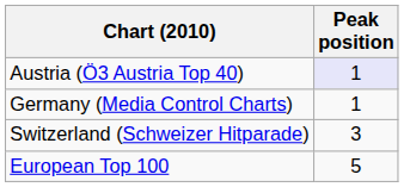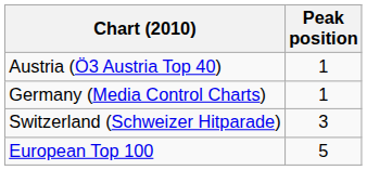 <table class="wikitable">
 <tr>
 <th>Chart (2010)</th>
 <th>Peak<br>position</th>
 </tr>
 <tr>
 <td>Austria (<a href='#'>Ö3 Austria Top 40</a>)</td>
-<td align="center" style="background: lavender;">1</td>
+<td align="center">1</td>
 </tr>
 <tr>
 <td>Germany (<a href='#'>Media Control Charts</a>)</td>
 <td align="center">1</td>
 </tr>
 <tr>
 <td>Switzerland (<a href='#'>Schweizer Hitparade</a>)</td>
 <td align="center">3</td>
 </tr>
 <tr>
 <td><a href='#'>European Top 100</a></td>
 <td align="center">5</td>
 </tr>
 </table>
